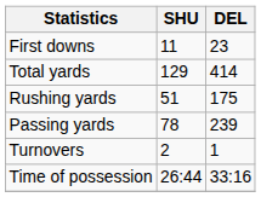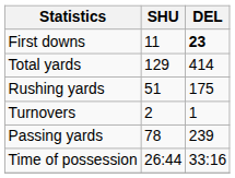 <table class="wikitable" style="float: left;">
 <tr>
 <th>Statistics</th>
 <th>SHU</th>
 <th>DEL</th>
 </tr>
 <tr>
 <td>First downs</td>
 <td>11</td>
-<td>23</td>
+<td><strong>23</strong></td>
 </tr>
 <tr>
 <td>Total yards</td>
 <td>129</td>
 <td>414</td>
 </tr>
 <tr>
 <td>Rushing yards</td>
 <td>51</td>
 <td>175</td>
 </tr>
 <tr>
+<td>Turnovers</td>
+<td>2</td>
+<td>1</td>
+</tr>
+<tr>
 <td>Passing yards</td>
 <td>78</td>
 <td>239</td>
-</tr>
-<tr>
-<td>Turnovers</td>
-<td>2</td>
-<td>1</td>
 </tr>
 <tr>
 <td>Time of possession</td>
 <td>26:44</td>
 <td>33:16</td>
 </tr>
 <tr>
 </tr>
 </table>
